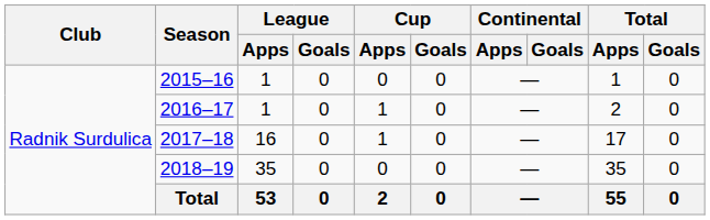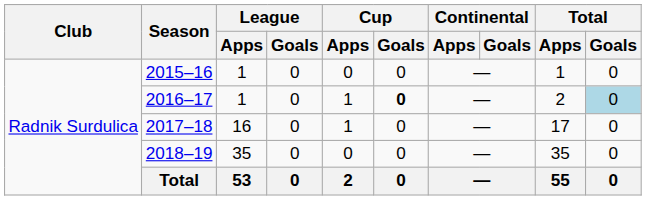 <table class="wikitable" style="text-align:center">
 <tr>
 <th rowspan="2">Club</th>
 <th rowspan="2">Season</th>
 <th colspan="2">League</th>
 <th colspan="2">Cup</th>
 <th colspan="2">Continental</th>
 <th colspan="2">Total</th>
 </tr>
 <tr>
 <th>Apps</th>
 <th>Goals</th>
 <th>Apps</th>
 <th>Goals</th>
 <th>Apps</th>
 <th>Goals</th>
 <th>Apps</th>
 <th>Goals</th>
 </tr>
 <tr>
 <td rowspan="5"><a href='#'>Radnik Surdulica</a></td>
 <td><a href='#'>2015–16</a></td>
 <td>1</td>
 <td>0</td>
 <td>0</td>
 <td>0</td>
 <td colspan="2">—</td>
 <td>1</td>
 <td>0</td>
 </tr>
 <tr>
 <td><a href='#'>2016–17</a></td>
 <td>1</td>
 <td>0</td>
 <td>1</td>
-<td>0</td>
+<td><strong>0</strong></td>
 <td colspan="2">—</td>
 <td>2</td>
-<td>0</td>
+<td style="background: lightblue;">0</td>
 </tr>
 <tr>
 <td><a href='#'>2017–18</a></td>
 <td>16</td>
 <td>0</td>
 <td>1</td>
 <td>0</td>
 <td colspan="2">—</td>
 <td>17</td>
 <td>0</td>
 </tr>
 <tr>
 <td><a href='#'>2018–19</a></td>
 <td>35</td>
 <td>0</td>
 <td>0</td>
 <td>0</td>
 <td colspan="2">—</td>
 <td>35</td>
 <td>0</td>
 </tr>
 <tr>
 <th>Total</th>
 <th>53</th>
 <th>0</th>
 <th>2</th>
 <th>0</th>
 <th colspan="2">—</th>
 <th>55</th>
 <th>0</th>
 </tr>
 </table>
